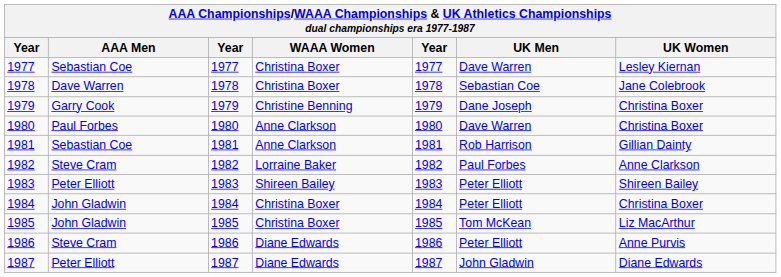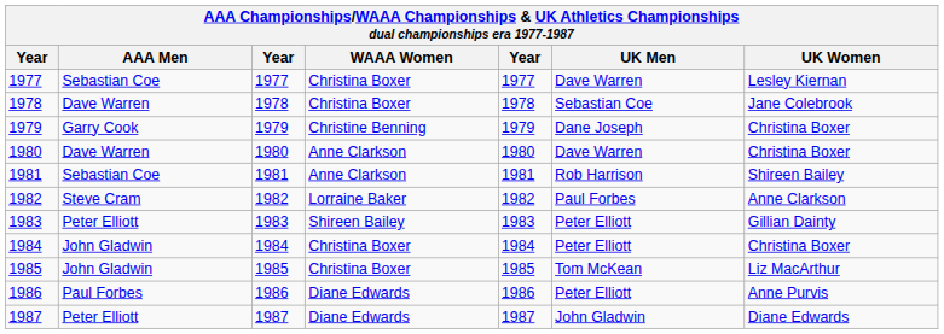 <table class="wikitable">
 <tr>
 <th colspan="7"><a href='#'>AAA Championships</a>/<a href='#'>WAAA Championships</a> & <a href='#'>UK Athletics Championships</a><br><em><small>dual championships era 1977-1987</small></em></th>
 </tr>
 <tr>
 <th width=50>Year</th>
 <th width=200>AAA Men</th>
 <th width=50>Year</th>
 <th width=200>WAAA Women</th>
 <th width=50>Year</th>
 <th width=200>UK Men</th>
 <th width=200>UK Women</th>
 </tr>
 <tr>
 <td><a href='#'>1977</a></td>
 <td><a href='#'>Sebastian Coe</a></td>
 <td><a href='#'>1977</a></td>
 <td><a href='#'>Christina Boxer</a></td>
 <td><a href='#'>1977</a></td>
 <td><a href='#'>Dave Warren</a></td>
 <td><a href='#'>Lesley Kiernan</a></td>
 </tr>
 <tr>
 <td><a href='#'>1978</a></td>
 <td><a href='#'>Dave Warren</a></td>
 <td><a href='#'>1978</a></td>
 <td><a href='#'>Christina Boxer</a></td>
 <td><a href='#'>1978</a></td>
 <td><a href='#'>Sebastian Coe</a></td>
 <td><a href='#'>Jane Colebrook</a></td>
 </tr>
 <tr>
 <td><a href='#'>1979</a></td>
 <td><a href='#'>Garry Cook</a></td>
 <td><a href='#'>1979</a></td>
 <td><a href='#'>Christine Benning</a></td>
 <td><a href='#'>1979</a></td>
 <td><a href='#'>Dane Joseph</a></td>
 <td><a href='#'>Christina Boxer</a></td>
 </tr>
 <tr>
 <td><a href='#'>1980</a></td>
-<td><a href='#'>Paul Forbes</a></td>
+<td><a href='#'>Dave Warren</a></td>
 <td><a href='#'>1980</a></td>
 <td><a href='#'>Anne Clarkson</a></td>
 <td><a href='#'>1980</a></td>
 <td><a href='#'>Dave Warren</a></td>
 <td><a href='#'>Christina Boxer</a></td>
 </tr>
 <tr>
 <td><a href='#'>1981</a></td>
 <td><a href='#'>Sebastian Coe</a></td>
 <td><a href='#'>1981</a></td>
 <td><a href='#'>Anne Clarkson</a></td>
 <td><a href='#'>1981</a></td>
 <td><a href='#'>Rob Harrison</a></td>
-<td><a href='#'>Gillian Dainty</a></td>
+<td><a href='#'>Shireen Bailey</a></td>
 </tr>
 <tr>
 <td><a href='#'>1982</a></td>
 <td><a href='#'>Steve Cram</a></td>
 <td><a href='#'>1982</a></td>
 <td><a href='#'>Lorraine Baker</a></td>
 <td><a href='#'>1982</a></td>
 <td><a href='#'>Paul Forbes</a></td>
 <td><a href='#'>Anne Clarkson</a></td>
 </tr>
 <tr>
 <td><a href='#'>1983</a></td>
 <td><a href='#'>Peter Elliott</a></td>
 <td><a href='#'>1983</a></td>
 <td><a href='#'>Shireen Bailey</a></td>
 <td><a href='#'>1983</a></td>
 <td><a href='#'>Peter Elliott</a></td>
-<td><a href='#'>Shireen Bailey</a></td>
+<td><a href='#'>Gillian Dainty</a></td>
 </tr>
 <tr>
 <td><a href='#'>1984</a></td>
 <td><a href='#'>John Gladwin</a></td>
 <td><a href='#'>1984</a></td>
 <td><a href='#'>Christina Boxer</a></td>
 <td><a href='#'>1984</a></td>
 <td><a href='#'>Peter Elliott</a></td>
 <td><a href='#'>Christina Boxer</a></td>
 </tr>
 <tr>
 <td><a href='#'>1985</a></td>
 <td><a href='#'>John Gladwin</a></td>
 <td><a href='#'>1985</a></td>
 <td><a href='#'>Christina Boxer</a></td>
 <td><a href='#'>1985</a></td>
 <td><a href='#'>Tom McKean</a></td>
 <td><a href='#'>Liz MacArthur</a></td>
 </tr>
 <tr>
 <td><a href='#'>1986</a></td>
-<td><a href='#'>Steve Cram</a></td>
+<td><a href='#'>Paul Forbes</a></td>
 <td><a href='#'>1986</a></td>
 <td><a href='#'>Diane Edwards</a></td>
 <td><a href='#'>1986</a></td>
 <td><a href='#'>Peter Elliott</a></td>
 <td><a href='#'>Anne Purvis</a></td>
 </tr>
 <tr>
 <td><a href='#'>1987</a></td>
 <td><a href='#'>Peter Elliott</a></td>
 <td><a href='#'>1987</a></td>
 <td><a href='#'>Diane Edwards</a></td>
 <td><a href='#'>1987</a></td>
 <td><a href='#'>John Gladwin</a></td>
 <td><a href='#'>Diane Edwards</a></td>
 </tr>
 </table>
